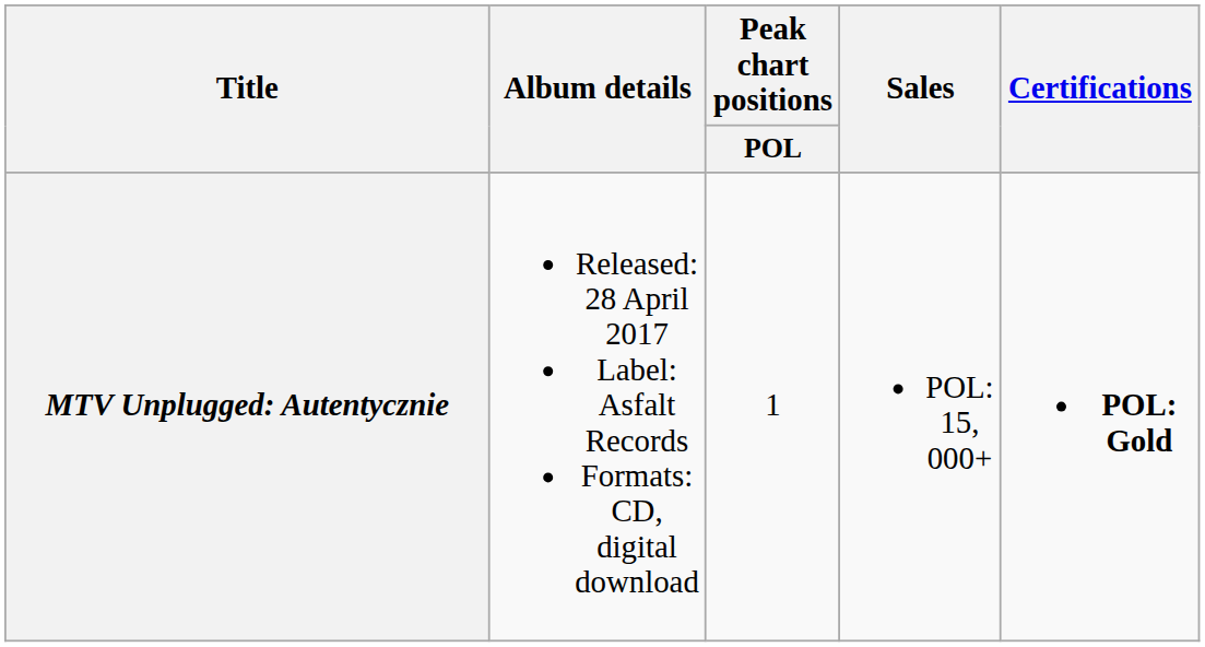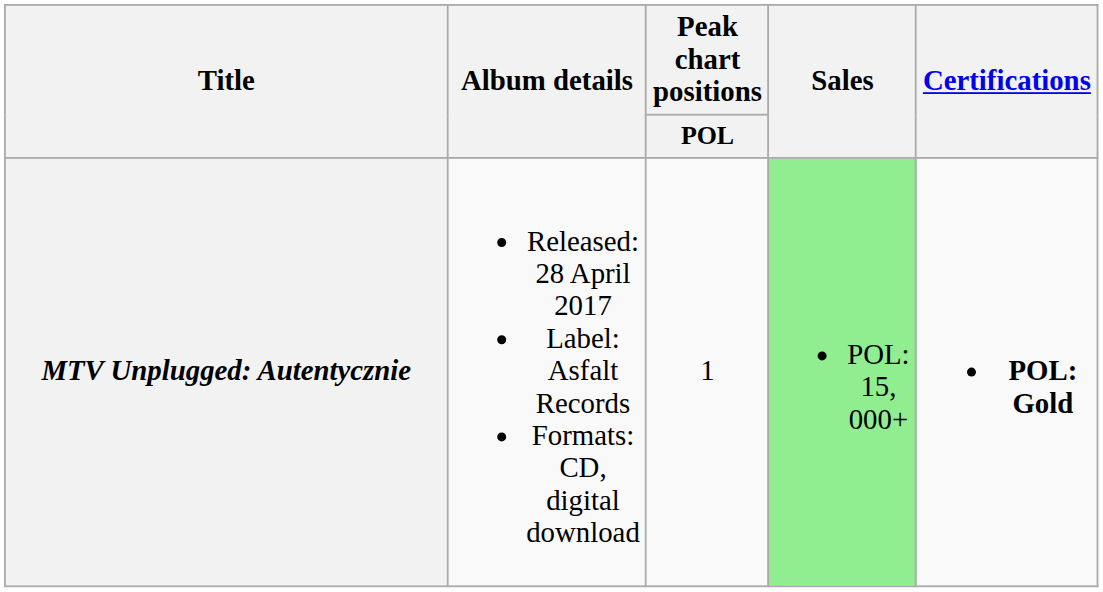 <table class="wikitable plainrowheaders" style="text-align:center;">
 <tr>
 <th scope="col" rowspan="2" style="width:15em;">Title</th>
 <th scope="col" rowspan="2">Album details</th>
 <th scope="col" colspan="1">Peak chart positions</th>
 <th scope="col" rowspan="2">Sales</th>
 <th scope="col" rowspan="2"><a href='#'>Certifications</a></th>
 </tr>
 <tr>
 <th scope="col" style="width:3em;font-size:90%;">POL<br></th>
 </tr>
 <tr>
 <th scope="row"><em>MTV Unplugged: Autentycznie</em></th>
 <td><br><ul><li>Released: 28 April 2017</li><li>Label: Asfalt Records</li><li>Formats: CD, digital download</li></ul></td>
 <td>1</td>
-<td><br><ul><li>POL: 15, 000+</li></ul></td>
+<td style="background: lightgreen;"><br><ul><li>POL: 15, 000+</li></ul></td>
 <td><strong><br><ul><li>POL: Gold</li></ul></strong></td>
 </tr>
 </table>
